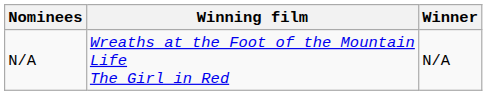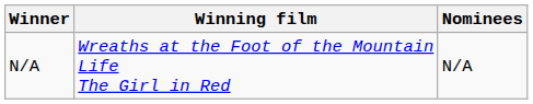 <table class="wikitable">
 <tr>
+<th>Winner</th>
+<th>Winning film</th>
 <th>Nominees</th>
-<th>Winning film</th>
-<th>Winner</th>
 </tr>
 <tr>
 <td>N/A</td>
 <td><em><a href='#'>Wreaths at the Foot of the Mountain</a></em><br><em><a href='#'>Life</a></em><br><em><a href='#'>The Girl in Red</a></em></td>
 <td>N/A</td>
 </tr>
 </table>
